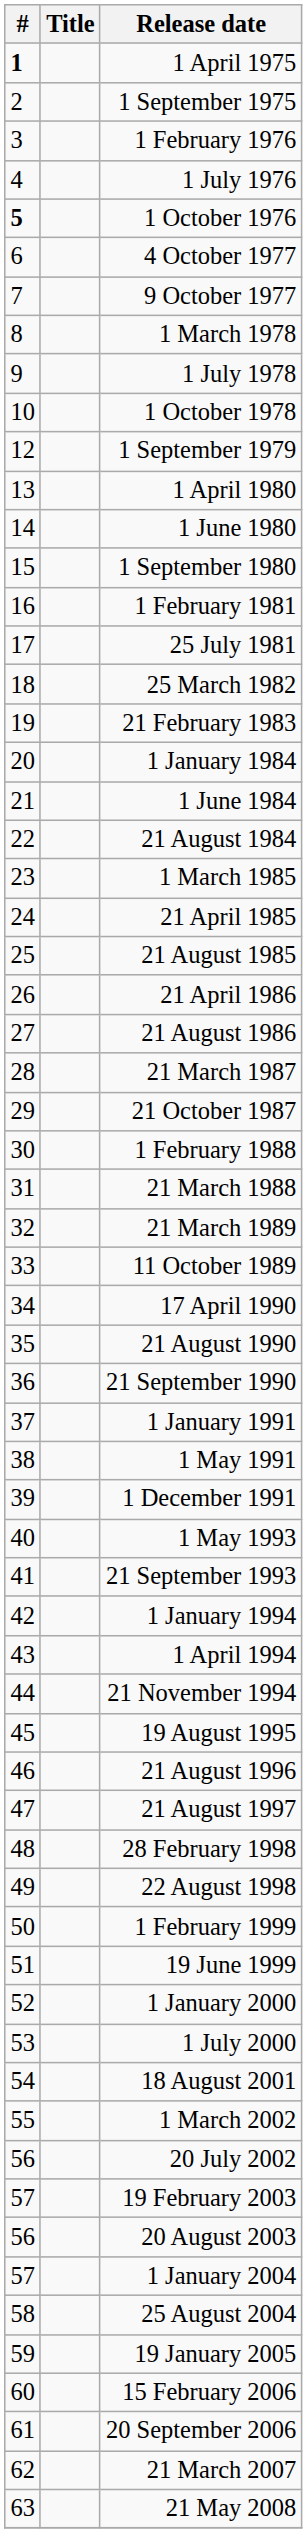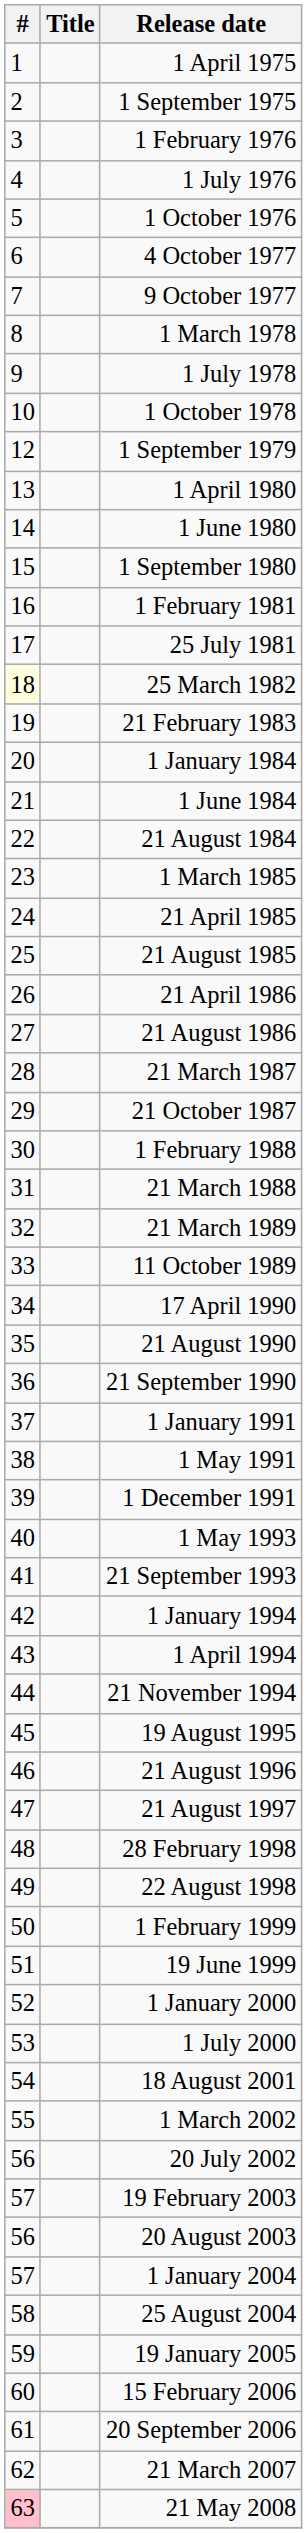 <table class="wikitable">
 <tr>
 <th>#</th>
 <th>Title</th>
 <th>Release date</th>
 </tr>
 <tr>
-<td><strong>1</strong></td>
+<td>1</td>
 <td align="left"></td>
 <td align="right">1 April 1975</td>
 </tr>
 <tr>
 <td>2</td>
 <td align="left"></td>
 <td align="right">1 September 1975</td>
 </tr>
 <tr>
 <td>3</td>
 <td align="left"></td>
 <td align="right">1 February 1976</td>
 </tr>
 <tr>
 <td>4</td>
 <td align="left"></td>
 <td align="right">1 July 1976</td>
 </tr>
 <tr>
-<td><strong>5</strong></td>
+<td>5</td>
 <td align="left"></td>
 <td align="right">1 October 1976</td>
 </tr>
 <tr>
 <td>6</td>
 <td align="left"></td>
 <td align="right">4 October 1977</td>
 </tr>
 <tr>
 <td>7</td>
 <td align="left"></td>
 <td align="right">9 October 1977</td>
 </tr>
 <tr>
 <td>8</td>
 <td align="left"></td>
 <td align="right">1 March 1978</td>
 </tr>
 <tr>
 <td>9</td>
 <td align="left"></td>
 <td align="right">1 July 1978</td>
 </tr>
 <tr>
 <td>10</td>
 <td align="left"></td>
 <td align="right">1 October 1978</td>
 </tr>
 <tr>
 <td>12</td>
 <td align="left"></td>
 <td align="right">1 September 1979</td>
 </tr>
 <tr>
 <td>13</td>
 <td align="left"></td>
 <td align="right">1 April 1980</td>
 </tr>
 <tr>
 <td>14</td>
 <td align="left"></td>
 <td align="right">1 June 1980</td>
 </tr>
 <tr>
 <td>15</td>
 <td align="left"></td>
 <td align="right">1 September 1980</td>
 </tr>
 <tr>
 <td>16</td>
 <td align="left"></td>
 <td align="right">1 February 1981</td>
 </tr>
 <tr>
 <td>17</td>
 <td align="left"></td>
 <td align="right">25 July 1981</td>
 </tr>
 <tr>
-<td>18</td>
+<td style="background: lightyellow;">18</td>
 <td align="left"></td>
 <td align="right">25 March 1982</td>
 </tr>
 <tr>
 <td>19</td>
 <td align="left"></td>
 <td align="right">21 February 1983</td>
 </tr>
 <tr>
 <td>20</td>
 <td align="left"></td>
 <td align="right">1 January 1984</td>
 </tr>
 <tr>
 <td>21</td>
 <td align="left"></td>
 <td align="right">1 June 1984</td>
 </tr>
 <tr>
 <td>22</td>
 <td align="left"></td>
 <td align="right">21 August 1984</td>
 </tr>
 <tr>
 <td>23</td>
 <td align="left"></td>
 <td align="right">1 March 1985</td>
 </tr>
 <tr>
 <td>24</td>
 <td align="left"></td>
 <td align="right">21 April 1985</td>
 </tr>
 <tr>
 <td>25</td>
 <td align="left"></td>
 <td align="right">21 August 1985</td>
 </tr>
 <tr>
 <td>26</td>
 <td align="left"></td>
 <td align="right">21 April 1986</td>
 </tr>
 <tr>
 <td>27</td>
 <td align="left"></td>
 <td align="right">21 August 1986</td>
 </tr>
 <tr>
 <td>28</td>
 <td align="left"></td>
 <td align="right">21 March 1987</td>
 </tr>
 <tr>
 <td>29</td>
 <td align="left"></td>
 <td align="right">21 October 1987</td>
 </tr>
 <tr>
 <td>30</td>
 <td align="left"></td>
 <td align="right">1 February 1988</td>
 </tr>
 <tr>
 <td>31</td>
 <td align="left"></td>
 <td align="right">21 March 1988</td>
 </tr>
 <tr>
 <td>32</td>
 <td align="left"></td>
 <td align="right">21 March 1989</td>
 </tr>
 <tr>
 <td>33</td>
 <td align="left"></td>
 <td align="right">11 October 1989</td>
 </tr>
 <tr>
 <td>34</td>
 <td align="left"></td>
 <td align="right">17 April 1990</td>
 </tr>
 <tr>
 <td>35</td>
 <td align="left"></td>
 <td align="right">21 August 1990</td>
 </tr>
 <tr>
 <td>36</td>
 <td align="left"></td>
 <td align="right">21 September 1990</td>
 </tr>
 <tr>
 <td>37</td>
 <td align="left"></td>
 <td align="right">1 January 1991</td>
 </tr>
 <tr>
 <td>38</td>
 <td align="left"></td>
 <td align="right">1 May 1991</td>
 </tr>
 <tr>
 <td>39</td>
 <td align="left"></td>
 <td align="right">1 December 1991</td>
 </tr>
 <tr>
 <td>40</td>
 <td align="left"></td>
 <td align="right">1 May 1993</td>
 </tr>
 <tr>
 <td>41</td>
 <td align="left"></td>
 <td align="right">21 September 1993</td>
 </tr>
 <tr>
 <td>42</td>
 <td align="left"></td>
 <td align="right">1 January 1994</td>
 </tr>
 <tr>
 <td>43</td>
 <td align="left"></td>
 <td align="right">1 April 1994</td>
 </tr>
 <tr>
 <td>44</td>
 <td align="left"></td>
 <td align="right">21 November 1994</td>
 </tr>
 <tr>
 <td>45</td>
 <td align="left"></td>
 <td align="right">19 August 1995</td>
 </tr>
 <tr>
 <td>46</td>
 <td align="left"></td>
 <td align="right">21 August 1996</td>
 </tr>
 <tr>
 <td>47</td>
 <td align="left"></td>
 <td align="right">21 August 1997</td>
 </tr>
 <tr>
 <td>48</td>
 <td align="left"></td>
 <td align="right">28 February 1998</td>
 </tr>
 <tr>
 <td>49</td>
 <td align="left"></td>
 <td align="right">22 August 1998</td>
 </tr>
 <tr>
 <td>50</td>
 <td align="left"></td>
 <td align="right">1 February 1999</td>
 </tr>
 <tr>
 <td>51</td>
 <td align="left"></td>
 <td align="right">19 June 1999</td>
 </tr>
 <tr>
 <td>52</td>
 <td align="left"></td>
 <td align="right">1 January 2000</td>
 </tr>
 <tr>
 <td>53</td>
 <td align="left"></td>
 <td align="right">1 July 2000</td>
 </tr>
 <tr>
 <td>54</td>
 <td align="left"></td>
 <td align="right">18 August 2001</td>
 </tr>
 <tr>
 <td>55</td>
 <td align="left"></td>
 <td align="right">1 March 2002</td>
 </tr>
 <tr>
 <td>56</td>
 <td align="left"></td>
 <td align="right">20 July 2002</td>
 </tr>
 <tr>
 <td>57</td>
 <td align="left"></td>
 <td align="right">19 February 2003</td>
 </tr>
 <tr>
 <td>56</td>
 <td align="left"></td>
 <td align="right">20 August 2003</td>
 </tr>
 <tr>
 <td>57</td>
 <td align="left"></td>
 <td align="right">1 January 2004</td>
 </tr>
 <tr>
 <td>58</td>
 <td align="left"></td>
 <td align="right">25 August 2004</td>
 </tr>
 <tr>
 <td>59</td>
 <td align="left"></td>
 <td align="right">19 January 2005</td>
 </tr>
 <tr>
 <td>60</td>
 <td align="left"></td>
 <td align="right">15 February 2006</td>
 </tr>
 <tr>
 <td>61</td>
 <td align="left"></td>
 <td align="right">20 September 2006</td>
 </tr>
 <tr>
 <td>62</td>
 <td align="left"></td>
 <td align="right">21 March 2007</td>
 </tr>
 <tr>
-<td>63</td>
+<td style="background: pink;">63</td>
 <td align="left"></td>
 <td align="right">21 May 2008</td>
 </tr>
 <tr>
 </tr>
 </table>
